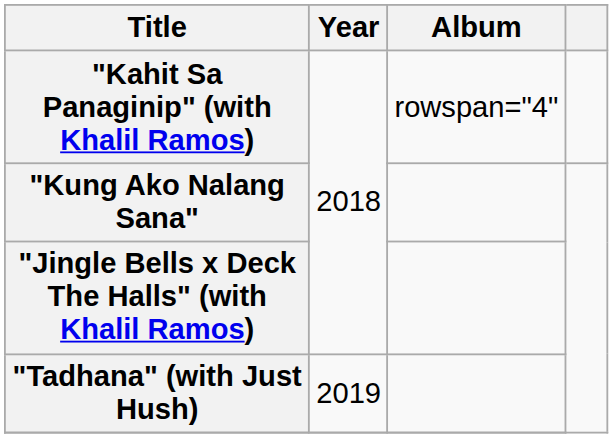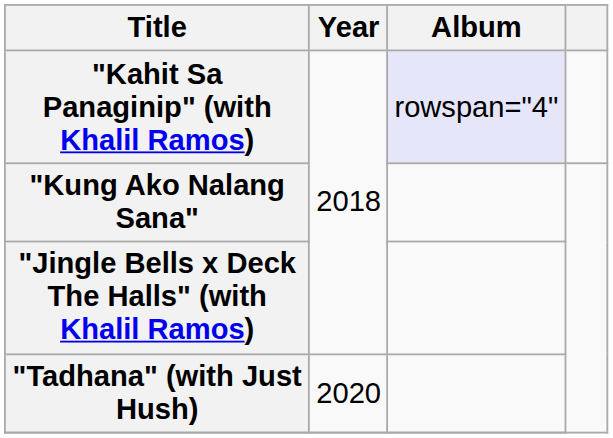 <table class="wikitable plainrowheaders" style="text-align:center;">
 <tr>
 <th scope="col" rowspan="1" style="width:10em;">Title</th>
 <th scope="col" rowspan="1">Year</th>
 <th scope="col" rowspan="1">Album</th>
 <th scope="col" class="unsortable" style="width:1em;"></th>
 </tr>
 <tr>
 <th scope="row">"Kahit Sa Panaginip" <span>(with <a href='#'>Khalil Ramos</a>)</span></th>
 <td rowspan="3">2018</td>
-<td>rowspan="4" </td>
+<td style="background: lavender;">rowspan="4" </td>
 <td></td>
 </tr>
 <tr>
 <th scope="row">"Kung Ako Nalang Sana" </th>
 <td></td>
 </tr>
 <tr>
 <th scope="row">"Jingle Bells x Deck The Halls" <span>(with <a href='#'>Khalil Ramos</a>)</span></th>
 <td></td>
 </tr>
 <tr>
 <th scope="row">"Tadhana" <span>(with Just Hush)</span></th>
-<td>2019</td>
+<td>2020</td>
 <td></td>
 </tr>
 <tr>
 </tr>
 </table>
